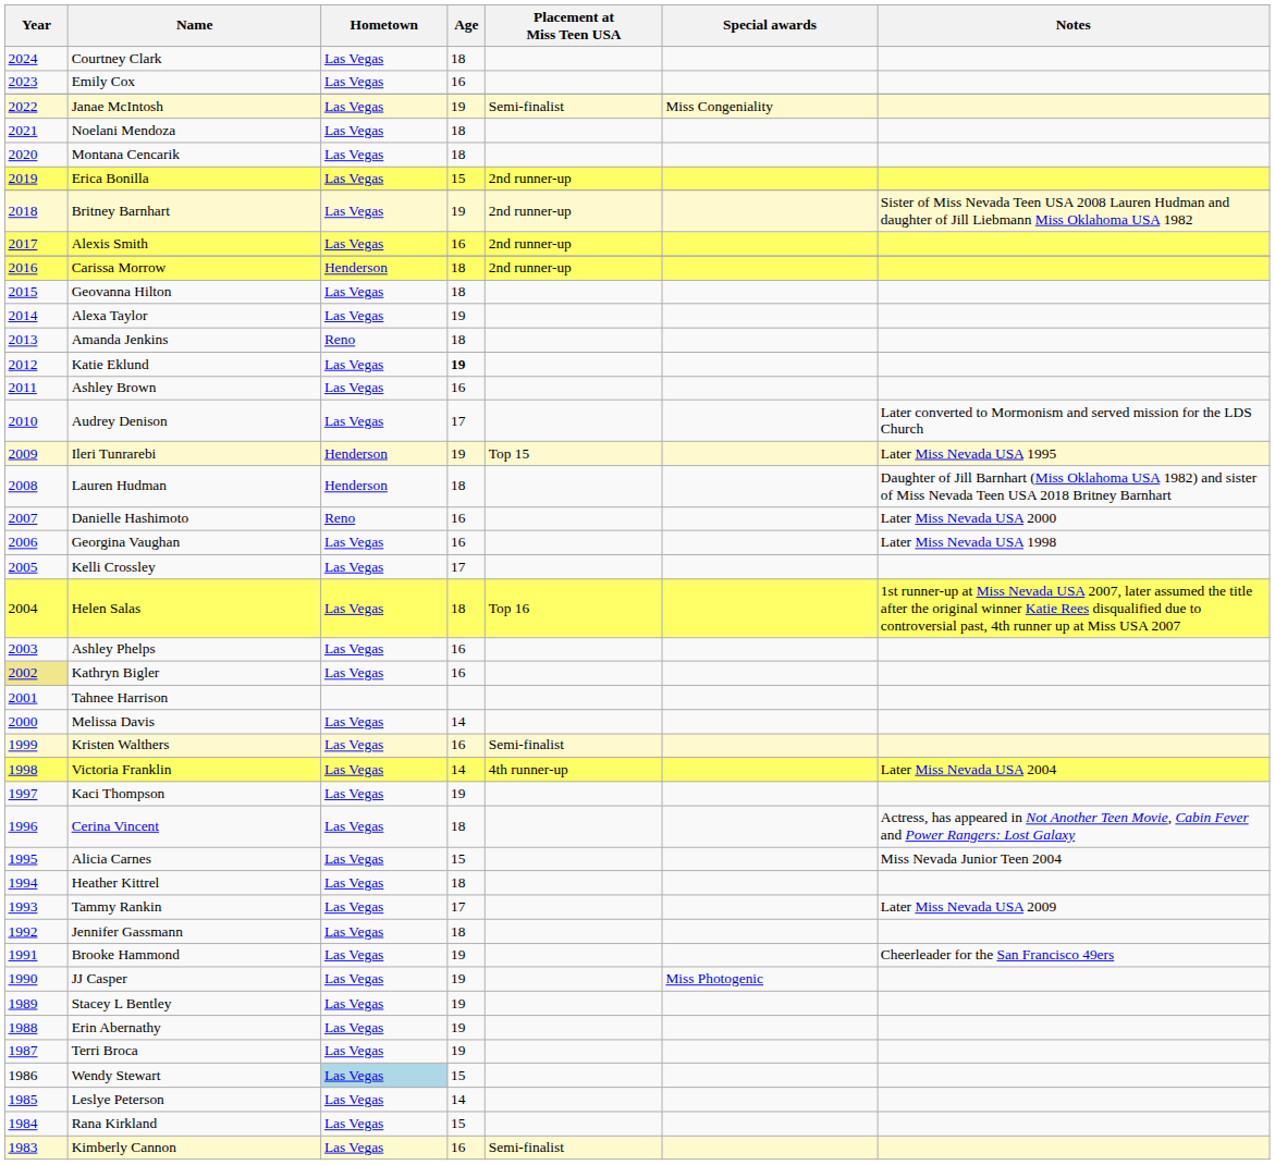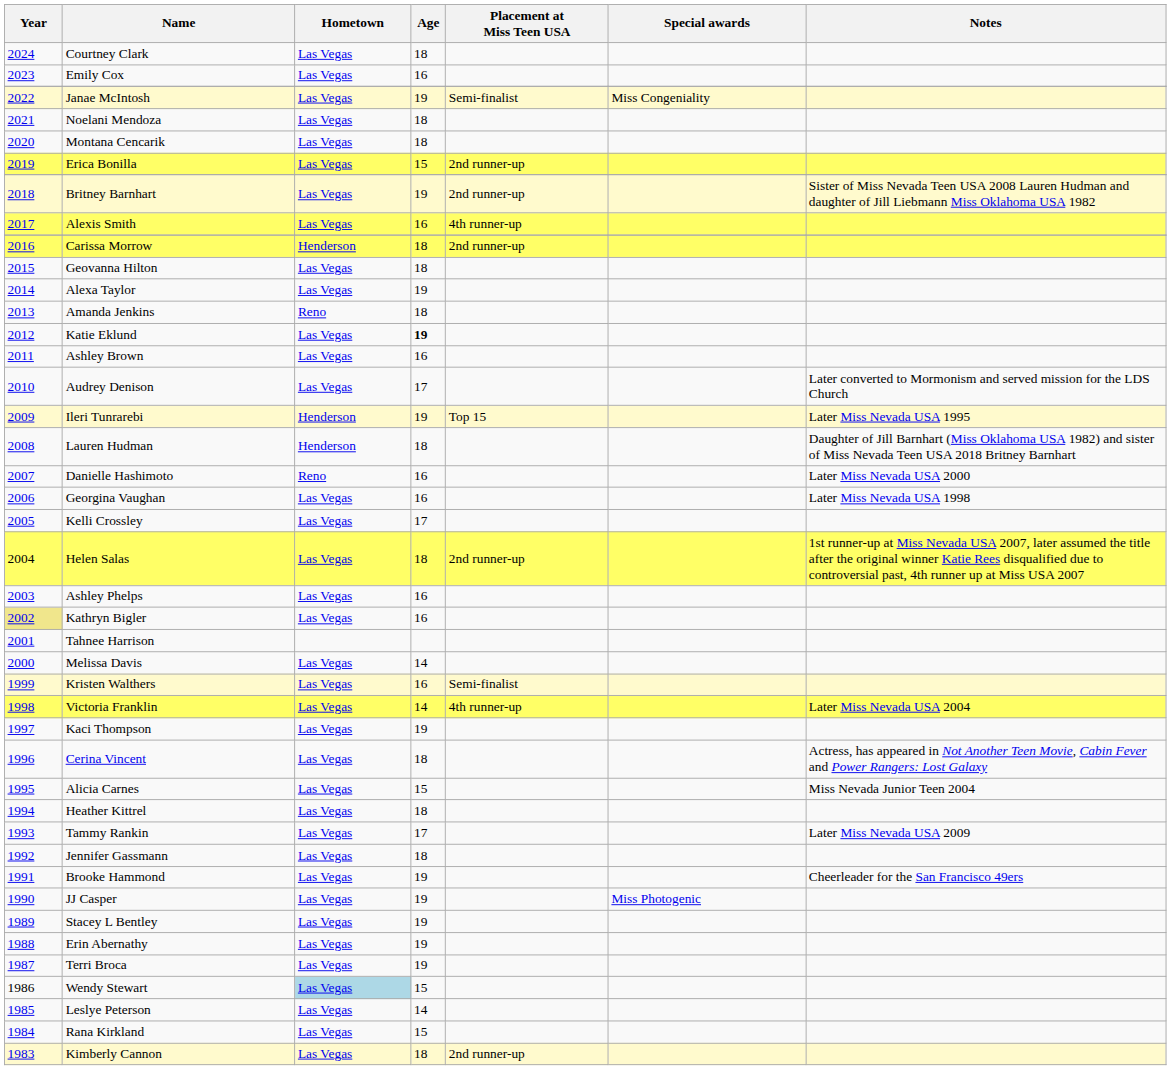 <table class="wikitable sortable" style="font-size:90%;">
 <tr bgcolor="#efefef">
 <th width=5%>Year</th>
 <th width=20%>Name</th>
 <th width=10%>Hometown</th>
 <th width=3%>Age</th>
 <th width=14%>Placement at <br> Miss Teen USA</th>
 <th width=17%>Special awards</th>
 <th width=31%>Notes</th>
 </tr>
 <tr>
 <td><a href='#'>2024</a></td>
 <td>Courtney Clark</td>
 <td><a href='#'>Las Vegas</a></td>
 <td>18</td>
 <td></td>
 <td></td>
 <td></td>
 </tr>
 <tr>
 <td><a href='#'>2023</a></td>
 <td>Emily Cox</td>
 <td><a href='#'>Las Vegas</a></td>
 <td>16</td>
 <td></td>
 <td></td>
 <td></td>
 </tr>
 <tr>
 </tr>
 <tr style="background-color:#FFFACD;”">
 <td><a href='#'>2022</a></td>
 <td>Janae McIntosh</td>
 <td><a href='#'>Las Vegas</a></td>
 <td>19</td>
 <td>Semi-finalist</td>
 <td>Miss Congeniality</td>
 <td></td>
 </tr>
 <tr>
 <td><a href='#'>2021</a></td>
 <td>Noelani Mendoza</td>
 <td><a href='#'>Las Vegas</a></td>
 <td>18</td>
 <td></td>
 <td></td>
 <td></td>
 </tr>
 <tr>
 <td><a href='#'>2020</a></td>
 <td>Montana Cencarik</td>
 <td><a href='#'>Las Vegas</a></td>
 <td>18</td>
 <td></td>
 <td></td>
 <td></td>
 </tr>
 <tr style="background-color:#FFFF66;”">
 <td><a href='#'>2019</a></td>
 <td>Erica Bonilla</td>
 <td><a href='#'>Las Vegas</a></td>
 <td>15</td>
 <td>2nd runner-up</td>
 <td></td>
 <td></td>
 </tr>
 <tr>
 </tr>
 <tr style="background-color:#FFFACD;”">
 <td><a href='#'>2018</a></td>
 <td>Britney Barnhart</td>
 <td><a href='#'>Las Vegas</a></td>
 <td>19</td>
 <td>2nd runner-up</td>
 <td></td>
 <td>Sister of Miss Nevada Teen USA 2008 Lauren Hudman and daughter of Jill Liebmann <a href='#'>Miss Oklahoma USA</a> 1982</td>
 </tr>
 <tr style="background-color:#FFFF66;”">
 <td><a href='#'>2017</a></td>
 <td>Alexis Smith</td>
 <td><a href='#'>Las Vegas</a></td>
 <td>16</td>
-<td>2nd runner-up</td>
+<td>4th runner-up</td>
 <td></td>
 <td></td>
 </tr>
 <tr>
 </tr>
 <tr style="background-color:#FFFF66;”">
 <td><a href='#'>2016</a></td>
 <td>Carissa Morrow</td>
 <td><a href='#'>Henderson</a></td>
 <td>18</td>
 <td>2nd runner-up</td>
 <td></td>
 <td></td>
 </tr>
 <tr>
 <td><a href='#'>2015</a></td>
 <td>Geovanna Hilton</td>
 <td><a href='#'>Las Vegas</a></td>
 <td>18</td>
 <td></td>
 <td></td>
 <td></td>
 </tr>
 <tr>
 <td><a href='#'>2014</a></td>
 <td>Alexa Taylor</td>
 <td><a href='#'>Las Vegas</a></td>
 <td>19</td>
 <td></td>
 <td></td>
 <td></td>
 </tr>
 <tr>
 <td><a href='#'>2013</a></td>
 <td>Amanda Jenkins</td>
 <td><a href='#'>Reno</a></td>
 <td>18</td>
 <td></td>
 <td></td>
 <td></td>
 </tr>
 <tr>
 <td><a href='#'>2012</a></td>
 <td>Katie Eklund</td>
 <td><a href='#'>Las Vegas</a></td>
 <td><strong>19</strong></td>
 <td></td>
 <td></td>
 <td></td>
 </tr>
 <tr>
 <td><a href='#'>2011</a></td>
 <td>Ashley Brown</td>
 <td><a href='#'>Las Vegas</a></td>
 <td>16</td>
 <td></td>
 <td></td>
 <td></td>
 </tr>
 <tr>
 <td><a href='#'>2010</a></td>
 <td>Audrey Denison</td>
 <td><a href='#'>Las Vegas</a></td>
 <td>17</td>
 <td></td>
 <td></td>
 <td>Later converted to Mormonism and served mission for the LDS Church</td>
 </tr>
 <tr style="background-color:#FFFACD;”">
 <td><a href='#'>2009</a></td>
 <td>Ileri Tunrarebi</td>
 <td><a href='#'>Henderson</a></td>
 <td>19</td>
 <td>Top 15</td>
 <td></td>
 <td>Later <a href='#'>Miss Nevada USA</a> 1995</td>
 </tr>
 <tr>
 <td><a href='#'>2008</a></td>
 <td>Lauren Hudman</td>
 <td><a href='#'>Henderson</a></td>
 <td>18</td>
 <td></td>
 <td></td>
 <td>Daughter of Jill Barnhart (<a href='#'>Miss Oklahoma USA</a> 1982) and sister of Miss Nevada Teen USA 2018 Britney Barnhart</td>
 </tr>
 <tr>
 <td><a href='#'>2007</a></td>
 <td>Danielle Hashimoto</td>
 <td><a href='#'>Reno</a></td>
 <td>16</td>
 <td></td>
 <td></td>
 <td>Later <a href='#'>Miss Nevada USA</a> 2000</td>
 </tr>
 <tr>
 <td><a href='#'>2006</a></td>
 <td>Georgina Vaughan</td>
 <td><a href='#'>Las Vegas</a></td>
 <td>16</td>
 <td></td>
 <td></td>
 <td>Later <a href='#'>Miss Nevada USA</a> 1998</td>
 </tr>
 <tr>
 <td><a href='#'>2005</a></td>
 <td>Kelli Crossley</td>
 <td><a href='#'>Las Vegas</a></td>
 <td>17</td>
 <td></td>
 <td></td>
 <td></td>
 </tr>
 <tr style="background-color:#FFFF66;”">
 <td>2004</td>
 <td>Helen Salas</td>
 <td><a href='#'>Las Vegas</a></td>
 <td>18</td>
-<td>Top 16</td>
+<td>2nd runner-up</td>
 <td></td>
 <td>1st runner-up at <a href='#'>Miss Nevada USA</a> 2007, later assumed the title after the original winner <a href='#'>Katie Rees</a> disqualified due to controversial past, 4th runner up at Miss USA 2007</td>
 </tr>
 <tr>
 <td><a href='#'>2003</a></td>
 <td>Ashley Phelps</td>
 <td><a href='#'>Las Vegas</a></td>
 <td>16</td>
 <td></td>
 <td></td>
 <td></td>
 </tr>
 <tr>
 <td style="background: khaki;"><a href='#'>2002</a></td>
 <td>Kathryn Bigler</td>
 <td><a href='#'>Las Vegas</a></td>
 <td>16</td>
 <td></td>
 <td></td>
 <td></td>
 </tr>
 <tr>
 <td><a href='#'>2001</a></td>
 <td>Tahnee Harrison</td>
 <td></td>
 <td></td>
 <td></td>
 <td></td>
 <td></td>
 </tr>
 <tr>
 <td><a href='#'>2000</a></td>
 <td>Melissa Davis</td>
 <td><a href='#'>Las Vegas</a></td>
 <td>14</td>
 <td></td>
 <td></td>
 <td></td>
 </tr>
 <tr style="background-color:#FFFACD;”">
 <td><a href='#'>1999</a></td>
 <td>Kristen Walthers</td>
 <td><a href='#'>Las Vegas</a></td>
 <td>16</td>
 <td>Semi-finalist</td>
 <td></td>
 <td></td>
 </tr>
 <tr style="background-color:#FFFF66;”">
 <td><a href='#'>1998</a></td>
 <td>Victoria Franklin</td>
 <td><a href='#'>Las Vegas</a></td>
 <td>14</td>
 <td>4th runner-up</td>
 <td></td>
 <td>Later <a href='#'>Miss Nevada USA</a> 2004</td>
 </tr>
 <tr>
 <td><a href='#'>1997</a></td>
 <td>Kaci Thompson</td>
 <td><a href='#'>Las Vegas</a></td>
 <td>19</td>
 <td></td>
 <td></td>
 <td></td>
 </tr>
 <tr>
 <td><a href='#'>1996</a></td>
 <td><a href='#'>Cerina Vincent</a></td>
 <td><a href='#'>Las Vegas</a></td>
 <td>18</td>
 <td></td>
 <td></td>
 <td>Actress, has appeared in <em><a href='#'>Not Another Teen Movie</a></em>, <em><a href='#'>Cabin Fever</a></em> and <em><a href='#'>Power Rangers: Lost Galaxy</a></em></td>
 </tr>
 <tr>
 <td><a href='#'>1995</a></td>
 <td>Alicia Carnes</td>
 <td><a href='#'>Las Vegas</a></td>
 <td>15</td>
 <td></td>
 <td></td>
 <td>Miss Nevada Junior Teen 2004</td>
 </tr>
 <tr>
 <td><a href='#'>1994</a></td>
 <td>Heather Kittrel</td>
 <td><a href='#'>Las Vegas</a></td>
 <td>18</td>
 <td></td>
 <td></td>
 <td></td>
 </tr>
 <tr>
 <td><a href='#'>1993</a></td>
 <td>Tammy Rankin</td>
 <td><a href='#'>Las Vegas</a></td>
 <td>17</td>
 <td></td>
 <td></td>
 <td>Later <a href='#'>Miss Nevada USA</a> 2009</td>
 </tr>
 <tr>
 <td><a href='#'>1992</a></td>
 <td>Jennifer Gassmann</td>
 <td><a href='#'>Las Vegas</a></td>
 <td>18</td>
 <td></td>
 <td></td>
 <td></td>
 </tr>
 <tr>
 <td><a href='#'>1991</a></td>
 <td>Brooke Hammond</td>
 <td><a href='#'>Las Vegas</a></td>
 <td>19</td>
 <td></td>
 <td></td>
 <td>Cheerleader for the <a href='#'>San Francisco 49ers</a></td>
 </tr>
 <tr>
 <td><a href='#'>1990</a></td>
 <td>JJ Casper</td>
 <td><a href='#'>Las Vegas</a></td>
 <td>19</td>
 <td></td>
 <td><a href='#'>Miss Photogenic</a></td>
 <td></td>
 </tr>
 <tr>
 <td><a href='#'>1989</a></td>
 <td>Stacey L Bentley</td>
 <td><a href='#'>Las Vegas</a></td>
 <td>19</td>
 <td></td>
 <td></td>
 <td></td>
 </tr>
 <tr>
 <td><a href='#'>1988</a></td>
 <td>Erin Abernathy</td>
 <td><a href='#'>Las Vegas</a></td>
 <td>19</td>
 <td></td>
 <td></td>
 <td></td>
 </tr>
 <tr>
 <td><a href='#'>1987</a></td>
 <td>Terri Broca</td>
 <td><a href='#'>Las Vegas</a></td>
 <td>19</td>
 <td></td>
 <td></td>
 <td></td>
 </tr>
 <tr>
 <td>1986</td>
 <td>Wendy Stewart</td>
 <td style="background: lightblue;"><a href='#'>Las Vegas</a></td>
 <td>15</td>
 <td></td>
 <td></td>
 <td></td>
 </tr>
 <tr>
 <td><a href='#'>1985</a></td>
 <td>Leslye Peterson</td>
 <td><a href='#'>Las Vegas</a></td>
 <td>14</td>
 <td></td>
 <td></td>
 <td></td>
 </tr>
 <tr>
 <td><a href='#'>1984</a></td>
 <td>Rana Kirkland</td>
 <td><a href='#'>Las Vegas</a></td>
 <td>15</td>
 <td></td>
 <td></td>
 <td></td>
 </tr>
 <tr style="background-color:#FFFACD;”">
 <td><a href='#'>1983</a></td>
 <td>Kimberly Cannon</td>
 <td><a href='#'>Las Vegas</a></td>
-<td>16</td>
-<td>Semi-finalist</td>
+<td>18</td>
+<td>2nd runner-up</td>
 <td></td>
 <td></td>
 </tr>
 </table>
